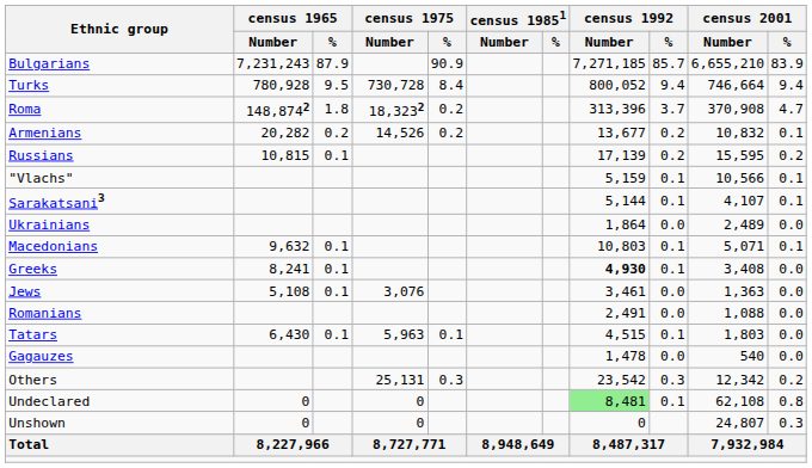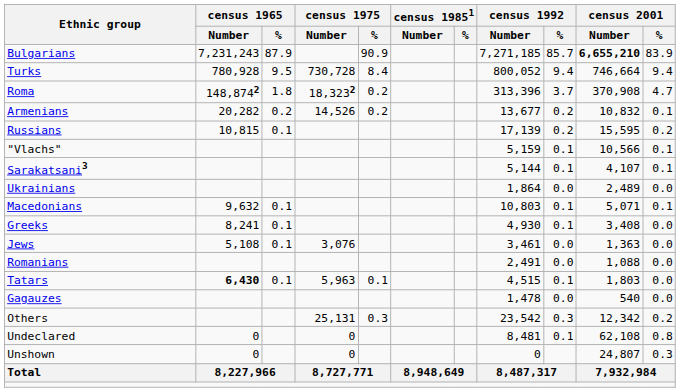 <table class="wikitable">
 <tr style="background:#e0e0e0;">
 <th rowspan="2">Ethnic group</th>
 <th colspan="2">census 1965</th>
 <th colspan="2">census 1975</th>
 <th colspan="2">census 1985<sup>1</sup></th>
 <th colspan="2">census 1992</th>
 <th colspan="2">census 2001</th>
 </tr>
 <tr>
 <th style="width:50pt;">Number</th>
 <th style="width:15pt;">%</th>
 <th style="width:50pt;">Number</th>
 <th style="width:15pt;">%</th>
 <th style="width:50pt;">Number</th>
 <th style="width:15pt;">%</th>
 <th style="width:50pt;">Number</th>
 <th style="width:15pt;">%</th>
 <th style="width:50pt;">Number</th>
 <th style="width:15pt;">%</th>
 </tr>
 <tr>
 <td style="width:160pt;"><a href='#'>Bulgarians</a></td>
 <td style="text-align:right;">7,231,243</td>
 <td style="text-align:right;">87.9</td>
 <td style="text-align:right;"></td>
 <td style="text-align:right;">90.9</td>
 <td style="text-align:right;"></td>
 <td style="text-align:right;"></td>
 <td style="text-align:right;">7,271,185</td>
 <td style="text-align:right;">85.7</td>
-<td style="text-align:right;">6,655,210</td>
+<td style="text-align:right;"><strong>6,655,210</strong></td>
 <td style="text-align:right;">83.9</td>
 </tr>
 <tr>
 <td style="text-align:left;"><a href='#'>Turks</a></td>
 <td style="text-align:right;">780,928</td>
 <td style="text-align:right;">9.5</td>
 <td style="text-align:right;">730,728</td>
 <td style="text-align:right;">8.4</td>
 <td style="text-align:right;"></td>
 <td style="text-align:right;"></td>
 <td style="text-align:right;">800,052</td>
 <td style="text-align:right;">9.4</td>
 <td style="text-align:right;">746,664</td>
 <td style="text-align:right;">9.4</td>
 </tr>
 <tr>
 <td style="text-align:left;"><a href='#'>Roma</a></td>
 <td style="text-align:right;">148,874<sup><strong>2</strong></sup></td>
 <td style="text-align:right;">1.8</td>
 <td style="text-align:right;">18,323<sup><strong>2</strong></sup></td>
 <td style="text-align:right;">0.2</td>
 <td style="text-align:right;"></td>
 <td style="text-align:right;"></td>
 <td style="text-align:right;">313,396</td>
 <td style="text-align:right;">3.7</td>
 <td style="text-align:right;">370,908</td>
 <td style="text-align:right;">4.7</td>
 </tr>
 <tr>
 <td style="text-align:left;"><a href='#'>Armenians</a></td>
 <td style="text-align:right;">20,282</td>
 <td style="text-align:right;">0.2</td>
 <td style="text-align:right;">14,526</td>
 <td style="text-align:right;">0.2</td>
 <td></td>
 <td></td>
 <td style="text-align:right;">13,677</td>
 <td style="text-align:right;">0.2</td>
 <td style="text-align:right;">10,832</td>
 <td style="text-align:right;">0.1</td>
 </tr>
 <tr>
 <td style="text-align:left;"><a href='#'>Russians</a></td>
 <td style="text-align:right;">10,815</td>
 <td style="text-align:right;">0.1</td>
 <td></td>
 <td></td>
 <td></td>
 <td></td>
 <td style="text-align:right;">17,139</td>
 <td style="text-align:right;">0.2</td>
 <td style="text-align:right;">15,595</td>
 <td style="text-align:right;">0.2</td>
 </tr>
 <tr>
 <td style="text-align:left;">"Vlachs"</td>
 <td></td>
 <td></td>
 <td></td>
 <td></td>
 <td></td>
 <td></td>
 <td style="text-align:right;">5,159</td>
 <td style="text-align:right;">0.1</td>
 <td style="text-align:right;">10,566</td>
 <td style="text-align:right;">0.1</td>
 </tr>
 <tr>
 <td style="text-align:left;"><a href='#'>Sarakatsani</a><sup><strong>3</strong></sup></td>
 <td></td>
 <td></td>
 <td></td>
 <td></td>
 <td></td>
 <td></td>
 <td style="text-align:right;">5,144</td>
 <td style="text-align:right;">0.1</td>
 <td style="text-align:right;">4,107</td>
 <td style="text-align:right;">0.1</td>
 </tr>
 <tr>
 <td><a href='#'>Ukrainians</a></td>
 <td></td>
 <td></td>
 <td></td>
 <td></td>
 <td></td>
 <td></td>
 <td style="text-align:right;">1,864</td>
 <td style="text-align:right;">0.0</td>
 <td style="text-align:right;">2,489</td>
 <td style="text-align:right;">0.0</td>
 </tr>
 <tr>
 <td style="text-align:left;"><a href='#'>Macedonians</a></td>
 <td style="text-align:right;">9,632</td>
 <td style="text-align:right;">0.1</td>
 <td></td>
 <td></td>
 <td></td>
 <td></td>
 <td style="text-align:right;">10,803</td>
 <td style="text-align:right;">0.1</td>
 <td style="text-align:right;">5,071</td>
 <td style="text-align:right;">0.1</td>
 </tr>
 <tr>
 <td><a href='#'>Greeks</a></td>
 <td style="text-align:right;">8,241</td>
 <td style="text-align:right;">0.1</td>
 <td></td>
 <td></td>
 <td></td>
 <td></td>
-<td style="text-align:right;"><strong>4,930</strong></td>
+<td style="text-align:right;">4,930</td>
 <td style="text-align:right;">0.1</td>
 <td style="text-align:right;">3,408</td>
 <td style="text-align:right;">0.0</td>
 </tr>
 <tr>
 <td><a href='#'>Jews</a></td>
 <td style="text-align:right;">5,108</td>
 <td style="text-align:right;">0.1</td>
 <td style="text-align:right;">3,076</td>
 <td></td>
 <td></td>
 <td></td>
 <td style="text-align:right;">3,461</td>
 <td style="text-align:right;">0.0</td>
 <td style="text-align:right;">1,363</td>
 <td style="text-align:right;">0.0</td>
 </tr>
 <tr>
 <td><a href='#'>Romanians</a></td>
 <td></td>
 <td></td>
 <td></td>
 <td></td>
 <td></td>
 <td></td>
 <td style="text-align:right;">2,491</td>
 <td style="text-align:right;">0.0</td>
 <td style="text-align:right;">1,088</td>
 <td style="text-align:right;">0.0</td>
 </tr>
 <tr>
 <td><a href='#'>Tatars</a></td>
-<td style="text-align:right;">6,430</td>
+<td style="text-align:right;"><strong>6,430</strong></td>
 <td style="text-align:right;">0.1</td>
 <td style="text-align:right;">5,963</td>
 <td style="text-align:right;">0.1</td>
 <td></td>
 <td></td>
 <td style="text-align:right;">4,515</td>
 <td style="text-align:right;">0.1</td>
 <td style="text-align:right;">1,803</td>
 <td style="text-align:right;">0.0</td>
 </tr>
 <tr>
 <td><a href='#'>Gagauzes</a></td>
 <td></td>
 <td></td>
 <td></td>
 <td></td>
 <td></td>
 <td></td>
 <td style="text-align:right;">1,478</td>
 <td style="text-align:right;">0.0</td>
 <td style="text-align:right;">540</td>
 <td style="text-align:right;">0.0</td>
 </tr>
 <tr>
 <td>Others</td>
 <td></td>
 <td></td>
 <td style="text-align:right;">25,131</td>
 <td style="text-align:right;">0.3</td>
 <td></td>
 <td></td>
 <td style="text-align:right;">23,542</td>
 <td style="text-align:right;">0.3</td>
 <td style="text-align:right;">12,342</td>
 <td style="text-align:right;">0.2</td>
 </tr>
 <tr>
 <td>Undeclared</td>
 <td style="text-align:right;">0</td>
 <td></td>
 <td style="text-align:right;">0</td>
 <td></td>
 <td></td>
 <td></td>
-<td style="background: lightgreen; text-align:right;">8,481</td>
+<td style="text-align:right;">8,481</td>
 <td style="text-align:right;">0.1</td>
 <td style="text-align:right;">62,108</td>
 <td style="text-align:right;">0.8</td>
 </tr>
 <tr>
 <td>Unshown</td>
 <td style="text-align:right;">0</td>
 <td></td>
 <td style="text-align:right;">0</td>
 <td></td>
 <td></td>
 <td></td>
 <td style="text-align:right;">0</td>
 <td></td>
 <td style="text-align:right;">24,807</td>
 <td style="text-align:right;">0.3</td>
 </tr>
 <tr style="background:#e0e0e0;">
 <th style="text-align:left;">Total</th>
 <th colspan="2">8,227,966</th>
 <th colspan="2">8,727,771</th>
 <th colspan="2">8,948,649</th>
 <th colspan="2">8,487,317</th>
 <th colspan="2">7,932,984</th>
 </tr>
 <tr>
 <td colspan="13"></td>
 </tr>
 </table>
